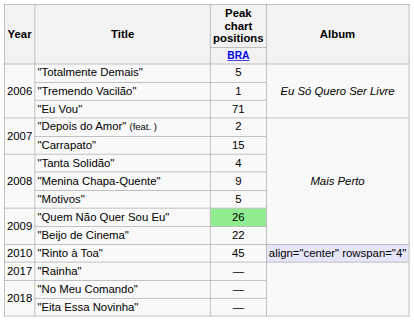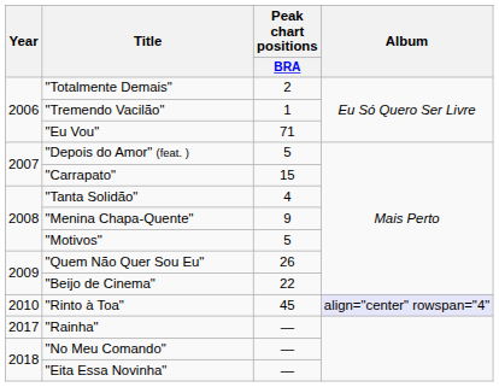 <table class="wikitable plainrowheaders" style="text-align:center;" border="1">
 <tr>
 <th scope="col" rowspan="2">Year</th>
 <th scope="col" rowspan="2" style="width:15em;">Title</th>
 <th scope="col" colspan="1">Peak chart positions</th>
 <th scope="col" rowspan="2">Album</th>
 </tr>
 <tr>
 <th scope="col" style="width:3em;font-size:90%;"><a href='#'>BRA</a></th>
 </tr>
 <tr>
 <td align="center" rowspan="3">2006</td>
 <td align="left">"Totalmente Demais"</td>
-<td align="center" rowspan="1">5</td>
+<td align="center" rowspan="1">2</td>
 <td align="center" rowspan="3"><em>Eu Só Quero Ser Livre</em></td>
 </tr>
 <tr>
 <td align="left">"Tremendo Vacilão"</td>
 <td align="center" rowspan="1">1</td>
 </tr>
 <tr>
 <td align="left">"Eu Vou"</td>
 <td align="center" rowspan="1">71</td>
 </tr>
 <tr>
 <td align="center" rowspan="2">2007</td>
 <td align="left">"Depois do Amor" <small>(feat. )</small></td>
-<td align="center" rowspan="1">2</td>
+<td align="center" rowspan="1">5</td>
 <td align="center" rowspan="7"><em>Mais Perto</em></td>
 </tr>
 <tr>
 <td align="left">"Carrapato"</td>
 <td align="center" rowspan="1">15</td>
 </tr>
 <tr>
 <td align="center" rowspan="3">2008</td>
 <td align="left">"Tanta Solidão"</td>
 <td align="center" rowspan="1">4</td>
 </tr>
 <tr>
 <td align="left">"Menina Chapa-Quente"</td>
 <td align="center" rowspan="1">9</td>
 </tr>
 <tr>
 <td align="left">"Motivos"</td>
 <td align="center" rowspan="1">5</td>
 </tr>
 <tr>
 <td align="center" rowspan="2">2009</td>
 <td align="left">"Quem Não Quer Sou Eu"</td>
-<td align="center" rowspan="1" style="background: lightgreen;">26</td>
+<td align="center" rowspan="1">26</td>
 </tr>
 <tr>
 <td align="left">"Beijo de Cinema"</td>
 <td align="center" rowspan="1">22</td>
 </tr>
 <tr>
 <td align="center" rowspan="1">2010</td>
 <td align="left">"Rinto à Toa"</td>
 <td align="center" rowspan="1">45</td>
 <td style="background: lavender;">align="center" rowspan="4" </td>
 </tr>
 <tr>
 <td align="center" rowspan="1">2017</td>
 <td align="left">"Rainha"</td>
 <td align="center" rowspan="1">—</td>
 </tr>
 <tr>
 <td align="center" rowspan="2">2018</td>
 <td align="left">"No Meu Comando"</td>
 <td align="center" rowspan="1">—</td>
 </tr>
 <tr>
 <td align="left">"Eita Essa Novinha"</td>
 <td align="center" rowspan="1">—</td>
 </tr>
 </table>
